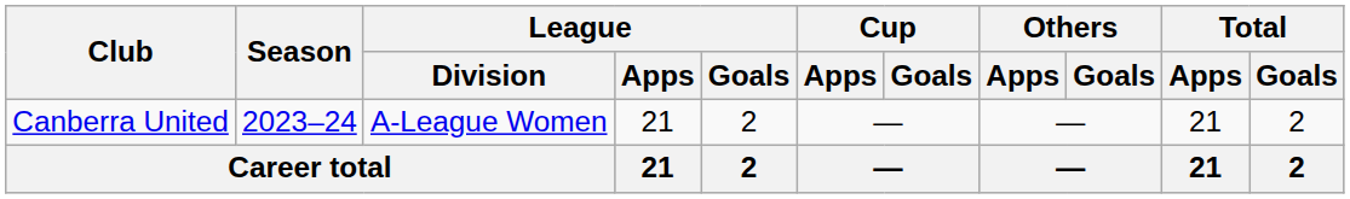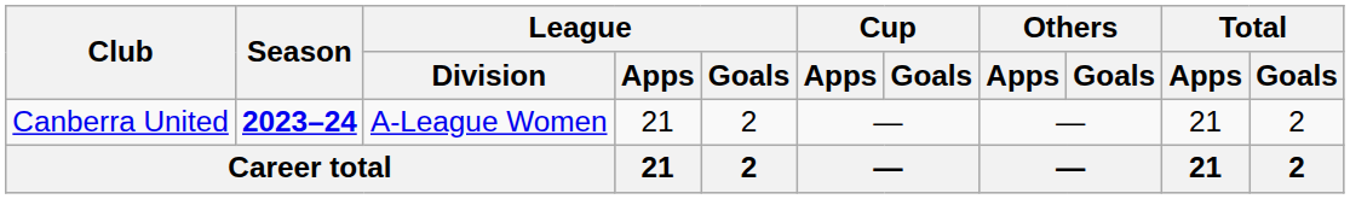 <table class="wikitable" style="text-align: center;">
 <tr>
 <th rowspan=2>Club</th>
 <th rowspan=2>Season</th>
 <th colspan=3>League</th>
 <th colspan=2>Cup</th>
 <th colspan=2>Others</th>
 <th colspan=2>Total</th>
 </tr>
 <tr>
 <th>Division</th>
 <th>Apps</th>
 <th>Goals</th>
 <th>Apps</th>
 <th>Goals</th>
 <th>Apps</th>
 <th>Goals</th>
 <th>Apps</th>
 <th>Goals</th>
 </tr>
 <tr>
 <td><a href='#'>Canberra United</a></td>
-<td><a href='#'>2023–24</a></td>
+<td><strong><a href='#'>2023–24</a></strong></td>
 <td><a href='#'>A-League Women</a></td>
 <td>21</td>
 <td>2</td>
 <td colspan=2>—</td>
 <td colspan=2>—</td>
 <td>21</td>
 <td>2</td>
 </tr>
 <tr>
 <th colspan=3>Career total</th>
 <th>21</th>
 <th>2</th>
 <th colspan=2>—</th>
 <th colspan=2>—</th>
 <th>21</th>
 <th>2</th>
 </tr>
 </table>
